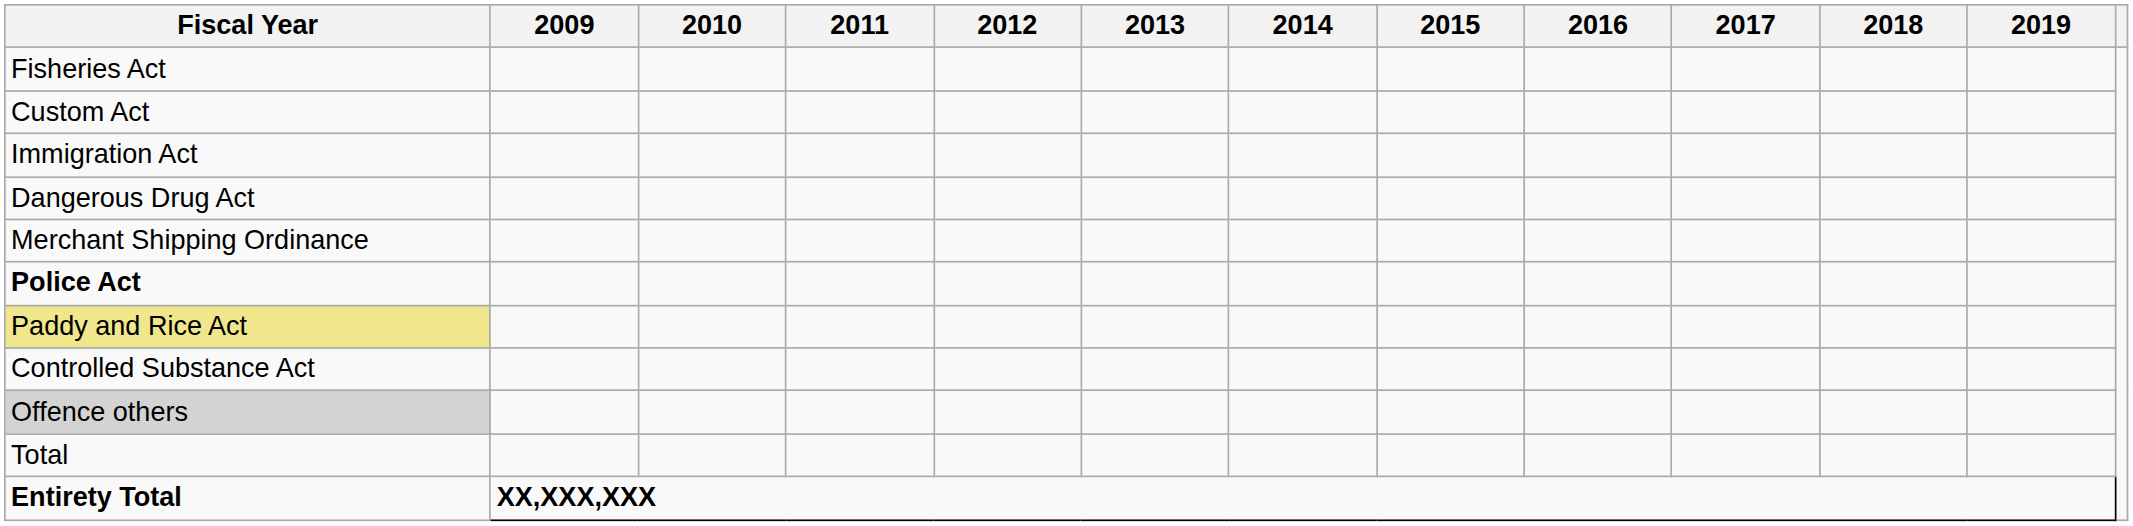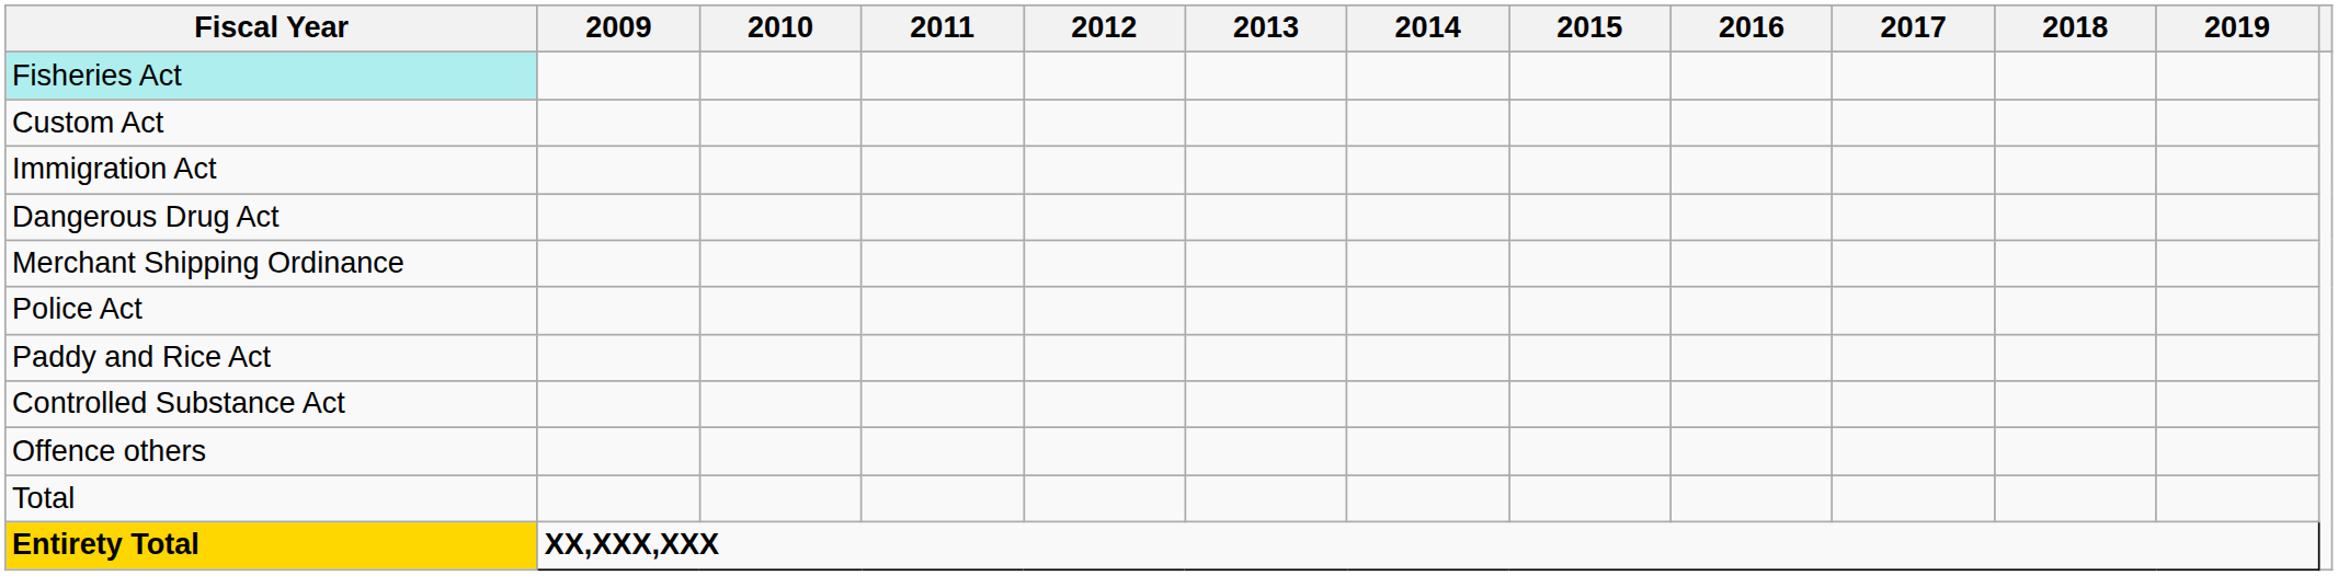 <table class="wikitable">
 <tr>
 <th>Fiscal Year</th>
 <th>2009</th>
 <th>2010</th>
 <th>2011</th>
 <th>2012</th>
 <th>2013</th>
 <th>2014</th>
 <th>2015</th>
 <th>2016</th>
 <th>2017</th>
 <th>2018</th>
 <th>2019</th>
 <th></th>
 </tr>
 <tr>
-<td>Fisheries Act</td>
+<td style="background: paleturquoise;">Fisheries Act</td>
 <td width="80"></td>
 <td width="80"></td>
 <td width="80"></td>
 <td width="80"></td>
 <td width="80"></td>
 <td width="80"></td>
 <td width="80"></td>
 <td width="80"></td>
 <td width="80"></td>
 <td width="80"></td>
 <td width="80"></td>
 </tr>
 <tr>
 <td>Custom Act</td>
 <td></td>
 <td></td>
 <td></td>
 <td></td>
 <td></td>
 <td></td>
 <td></td>
 <td></td>
 <td></td>
 <td></td>
 <td></td>
 </tr>
 <tr>
 <td>Immigration Act</td>
 <td></td>
 <td></td>
 <td></td>
 <td></td>
 <td></td>
 <td></td>
 <td></td>
 <td></td>
 <td></td>
 <td></td>
 <td></td>
 </tr>
 <tr>
 <td>Dangerous Drug Act</td>
 <td></td>
 <td></td>
 <td></td>
 <td></td>
 <td></td>
 <td></td>
 <td></td>
 <td></td>
 <td></td>
 <td></td>
 <td></td>
 </tr>
 <tr>
 <td>Merchant Shipping Ordinance</td>
 <td></td>
 <td></td>
 <td></td>
 <td></td>
 <td></td>
 <td></td>
 <td></td>
 <td></td>
 <td></td>
 <td></td>
 <td></td>
 </tr>
 <tr>
-<td><strong>Police Act</strong></td>
+<td>Police Act</td>
 <td></td>
 <td></td>
 <td></td>
 <td></td>
 <td></td>
 <td></td>
 <td></td>
 <td></td>
 <td></td>
 <td></td>
 <td></td>
 </tr>
 <tr>
-<td style="background: khaki;">Paddy and Rice Act</td>
+<td>Paddy and Rice Act</td>
 <td></td>
 <td></td>
 <td></td>
 <td></td>
 <td></td>
 <td></td>
 <td></td>
 <td></td>
 <td></td>
 <td></td>
 <td></td>
 </tr>
 <tr>
 <td>Controlled Substance Act</td>
 <td></td>
 <td></td>
 <td></td>
 <td></td>
 <td></td>
 <td></td>
 <td></td>
 <td></td>
 <td></td>
 <td></td>
 <td></td>
 </tr>
 <tr>
-<td style="background: lightgrey;">Offence others</td>
+<td>Offence others</td>
 <td></td>
 <td></td>
 <td></td>
 <td></td>
 <td></td>
 <td></td>
 <td></td>
 <td></td>
 <td></td>
 <td></td>
 <td></td>
 </tr>
 <tr>
 <td>Total</td>
 <td></td>
 <td></td>
 <td></td>
 <td></td>
 <td></td>
 <td></td>
 <td></td>
 <td></td>
 <td></td>
 <td></td>
 <td></td>
 </tr>
 <tr>
-<td width="280"><strong>Entirety Total</strong></td>
+<td width="280" style="background: gold;"><strong>Entirety Total</strong></td>
 <td align="centre" cellspacing="3" style="border: 1px solid #000000; margin-bottom: 6px;" colspan="11"><strong>XX,XXX,XXX</strong></td>
 </tr>
 </table>
